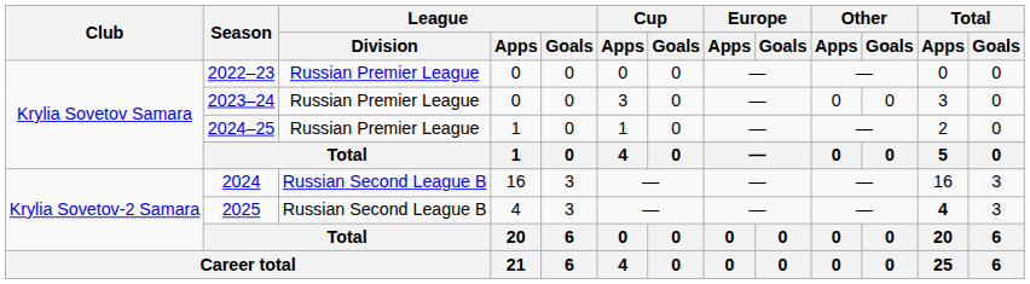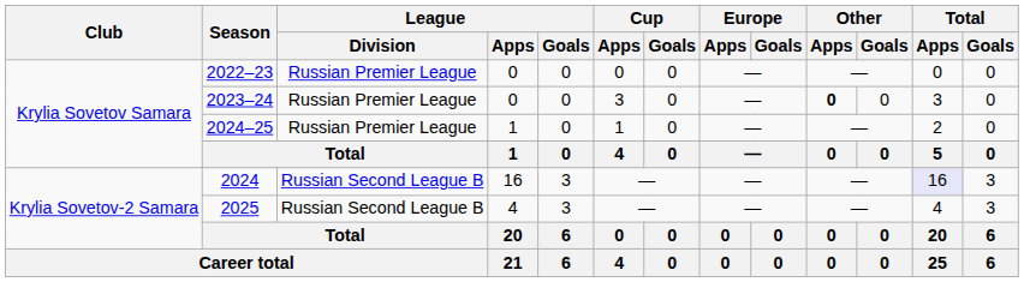 <table class="wikitable" style="text-align: center;">
 <tr>
 <th rowspan="2">Club</th>
 <th rowspan="2">Season</th>
 <th colspan="3">League</th>
 <th colspan="2">Cup</th>
 <th colspan="2">Europe</th>
 <th colspan="2">Other</th>
 <th colspan="2">Total</th>
 </tr>
 <tr>
 <th>Division</th>
 <th>Apps</th>
 <th>Goals</th>
 <th>Apps</th>
 <th>Goals</th>
 <th>Apps</th>
 <th>Goals</th>
 <th>Apps</th>
 <th>Goals</th>
 <th>Apps</th>
 <th>Goals</th>
 </tr>
 <tr>
 <td rowspan="4"><a href='#'>Krylia Sovetov Samara</a></td>
 <td><a href='#'>2022–23</a></td>
 <td><a href='#'>Russian Premier League</a></td>
 <td>0</td>
 <td>0</td>
 <td>0</td>
 <td>0</td>
 <td colspan="2">—</td>
 <td colspan="2">—</td>
 <td>0</td>
 <td>0</td>
 </tr>
 <tr>
 <td><a href='#'>2023–24</a></td>
 <td>Russian Premier League</td>
 <td>0</td>
 <td>0</td>
 <td>3</td>
 <td>0</td>
 <td colspan="2">—</td>
-<td>0</td>
+<td><strong>0</strong></td>
 <td>0</td>
 <td>3</td>
 <td>0</td>
 </tr>
 <tr>
 <td><a href='#'>2024–25</a></td>
 <td>Russian Premier League</td>
 <td>1</td>
 <td>0</td>
 <td>1</td>
 <td>0</td>
 <td colspan="2">—</td>
 <td colspan="2">—</td>
 <td>2</td>
 <td>0</td>
 </tr>
 <tr>
 <th colspan="2">Total</th>
 <th>1</th>
 <th>0</th>
 <th>4</th>
 <th>0</th>
 <th colspan="2">—</th>
 <th>0</th>
 <th>0</th>
 <th>5</th>
 <th>0</th>
 </tr>
 <tr>
 <td rowspan="3"><a href='#'>Krylia Sovetov-2 Samara</a></td>
 <td><a href='#'>2024</a></td>
 <td><a href='#'>Russian Second League B</a></td>
 <td>16</td>
 <td>3</td>
 <td colspan="2">—</td>
 <td colspan="2">—</td>
 <td colspan="2">—</td>
-<td>16</td>
+<td style="background: lavender;">16</td>
 <td>3</td>
 </tr>
 <tr>
 <td><a href='#'>2025</a></td>
 <td>Russian Second League B</td>
 <td>4</td>
 <td>3</td>
 <td colspan="2">—</td>
 <td colspan="2">—</td>
 <td colspan="2">—</td>
-<td><strong>4</strong></td>
+<td>4</td>
 <td>3</td>
 </tr>
 <tr>
 <th colspan="2">Total</th>
 <th>20</th>
 <th>6</th>
 <th>0</th>
 <th>0</th>
 <th>0</th>
 <th>0</th>
 <th>0</th>
 <th>0</th>
 <th>20</th>
 <th>6</th>
 </tr>
 <tr>
 <th colspan="3">Career total</th>
 <th>21</th>
 <th>6</th>
 <th>4</th>
 <th>0</th>
 <th>0</th>
 <th>0</th>
 <th>0</th>
 <th>0</th>
 <th>25</th>
 <th>6</th>
 </tr>
 </table>
